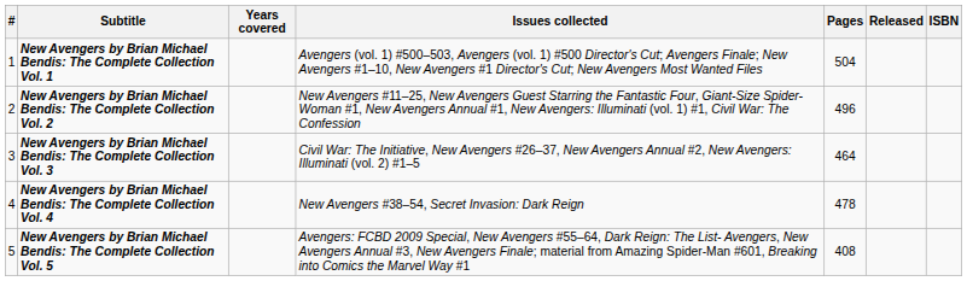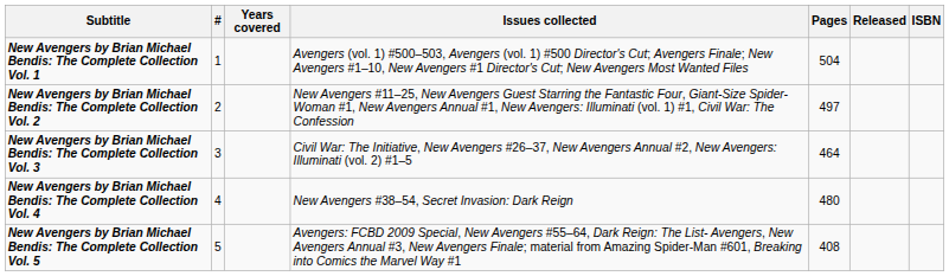 <table class="wikitable sortable" width=98%>
 <tr>
+<th class="unsortable">Subtitle</th>
 <th class="unsortable">#</th>
-<th class="unsortable">Subtitle</th>
 <th>Years covered</th>
 <th class="unsortable">Issues collected</th>
 <th class="unsortable">Pages</th>
 <th>Released</th>
 <th class="unsortable">ISBN</th>
 </tr>
 <tr>
+<td><strong><em>New Avengers by Brian Michael Bendis: The Complete Collection Vol. 1</em></strong></td>
 <td>1</td>
-<td><strong><em>New Avengers by Brian Michael Bendis: The Complete Collection Vol. 1</em></strong></td>
 <td></td>
 <td><em>Avengers</em> (vol. 1) #500–503, <em>Avengers</em> (vol. 1) #500 <em>Director's Cut</em>; <em>Avengers Finale</em>; <em>New Avengers</em> #1–10, <em>New Avengers</em> #1 <em>Director's Cut</em>; <em>New Avengers Most Wanted Files</em></td>
 <td style="text-align: center;">504</td>
 <td></td>
 <td></td>
 </tr>
 <tr>
+<td><strong><em>New Avengers by Brian Michael Bendis: The Complete Collection Vol. 2</em></strong></td>
 <td>2</td>
-<td><strong><em>New Avengers by Brian Michael Bendis: The Complete Collection Vol. 2</em></strong></td>
 <td></td>
 <td><em>New Avengers</em> #11–25, <em>New Avengers Guest Starring the Fantastic Four</em>, <em>Giant-Size Spider-Woman</em> #1, <em>New Avengers Annual</em> #1, <em>New Avengers: Illuminati</em> (vol. 1) #1, <em>Civil War: The Confession</em></td>
-<td style="text-align: center;">496</td>
+<td style="text-align: center;">497</td>
 <td></td>
 <td></td>
 </tr>
 <tr>
+<td><strong><em>New Avengers by Brian Michael Bendis: The Complete Collection Vol. 3</em></strong></td>
 <td>3</td>
-<td><strong><em>New Avengers by Brian Michael Bendis: The Complete Collection Vol. 3</em></strong></td>
 <td></td>
 <td><em>Civil War: The Initiative</em>, <em>New Avengers</em> #26–37, <em>New Avengers Annual</em> #2, <em>New Avengers: Illuminati</em> (vol. 2) #1–5</td>
 <td style="text-align: center;">464</td>
 <td></td>
 <td></td>
 </tr>
 <tr>
+<td><strong><em>New Avengers by Brian Michael Bendis: The Complete Collection Vol. 4</em></strong></td>
 <td>4</td>
-<td><strong><em>New Avengers by Brian Michael Bendis: The Complete Collection Vol. 4</em></strong></td>
 <td></td>
 <td><em>New Avengers #</em>38–54, <em>Secret Invasion: Dark Reign</em></td>
-<td style="text-align: center;">478</td>
+<td style="text-align: center;">480</td>
 <td></td>
 <td></td>
 </tr>
 <tr>
+<td><strong><em>New Avengers by Brian Michael Bendis: The Complete Collection Vol. 5</em></strong></td>
 <td>5</td>
-<td><strong><em>New Avengers by Brian Michael Bendis: The Complete Collection Vol. 5</em></strong></td>
 <td></td>
 <td><em>Avengers: FCBD 2009 Special</em>, <em>New Avengers</em> #55–64, <em>Dark Reign: The List- Avengers</em>, <em>New Avengers Annual</em> #3, <em>New Avengers Finale</em>; material from Amazing Spider-Man #601, <em>Breaking into Comics the Marvel Way</em> #1</td>
 <td style="text-align: center;">408</td>
 <td></td>
 <td></td>
 </tr>
 </table>
